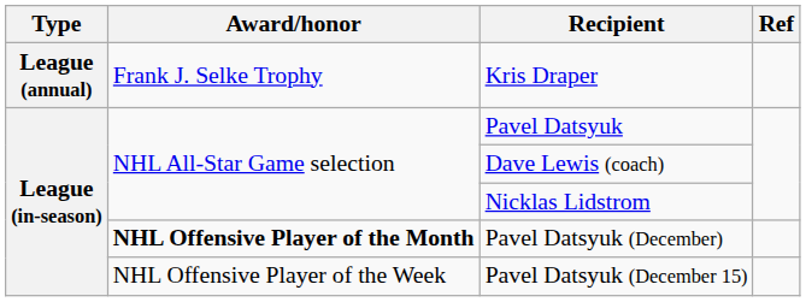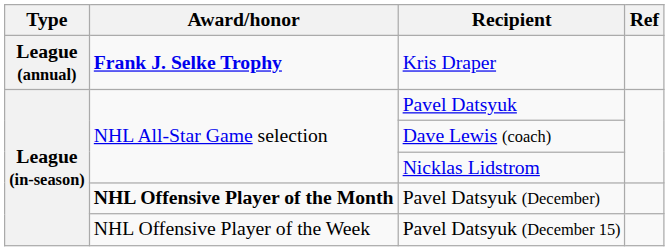 <table class="wikitable">
 <tr>
 <th scope="col">Type</th>
 <th scope="col">Award/honor</th>
 <th scope="col">Recipient</th>
 <th scope="col">Ref</th>
 </tr>
 <tr>
 <th scope="row">League<br><small>(annual)</small></th>
-<td><a href='#'>Frank J. Selke Trophy</a></td>
+<td><strong><a href='#'>Frank J. Selke Trophy</a></strong></td>
 <td><a href='#'>Kris Draper</a></td>
 <td></td>
 </tr>
 <tr>
 <th scope="row" rowspan="5">League<br><small>(in-season)</small></th>
 <td rowspan="3"><a href='#'>NHL All-Star Game</a> selection</td>
 <td><a href='#'>Pavel Datsyuk</a></td>
 <td rowspan="3"></td>
 </tr>
 <tr>
 <td><a href='#'>Dave Lewis</a> <small>(coach)</small></td>
 </tr>
 <tr>
 <td><a href='#'>Nicklas Lidstrom</a></td>
 </tr>
 <tr>
 <td><strong>NHL Offensive Player of the Month</strong></td>
 <td>Pavel Datsyuk <small>(December)</small></td>
 <td></td>
 </tr>
 <tr>
 <td>NHL Offensive Player of the Week</td>
 <td>Pavel Datsyuk <small>(December 15)</small></td>
 <td></td>
 </tr>
 </table>
